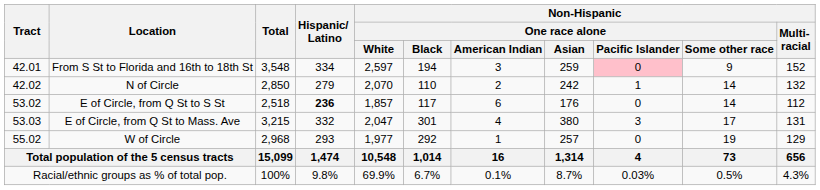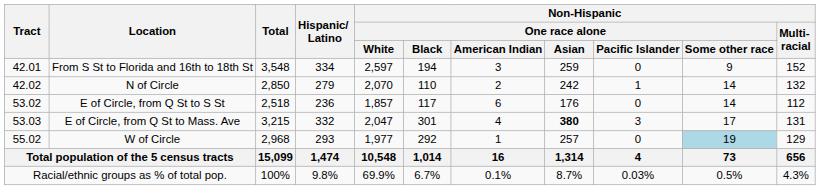 <table class="wikitable" style="text-align: center;">
 <tr>
 <th scope="rowgroup" rowspan="3">  Tract  </th>
 <th scope="rowgroup" rowspan="3">Location</th>
 <th scope="rowgroup" rowspan="3">Total</th>
 <th scope="rowgroup" rowspan="3">Hispanic/ <br>Latino</th>
 <th scope="colgroup" colspan="7">Non-Hispanic</th>
 </tr>
 <tr>
 <th scope="rowgroup" colspan="6">One race alone</th>
 <th scope="rowgroup" rowspan="2">Multi- <br>racial</th>
 </tr>
 <tr>
 <th>  White  </th>
 <th>  Black  </th>
 <th>American Indian</th>
 <th>  Asian  </th>
 <th>Pacific Islander</th>
 <th>Some other race</th>
 </tr>
 <tr>
 <td>42.01</td>
 <td>From S St to Florida and 16th to 18th St</td>
 <td>3,548</td>
 <td>334</td>
 <td>2,597</td>
 <td>194</td>
 <td>3</td>
 <td>259</td>
-<td style="background: pink;">0</td>
+<td>0</td>
 <td>9</td>
 <td>152</td>
 </tr>
 <tr>
 <td>42.02</td>
 <td>N of Circle</td>
 <td>2,850</td>
 <td>279</td>
 <td>2,070</td>
 <td>110</td>
 <td>2</td>
 <td>242</td>
 <td>1</td>
 <td>14</td>
 <td>132</td>
 </tr>
 <tr>
 <td>53.02</td>
 <td>E of Circle, from Q St to S St</td>
 <td>2,518</td>
-<td><strong>236</strong></td>
+<td>236</td>
 <td>1,857</td>
 <td>117</td>
 <td>6</td>
 <td>176</td>
 <td>0</td>
 <td>14</td>
 <td>112</td>
 </tr>
 <tr>
 <td>53.03</td>
 <td>E of Circle, from Q St to Mass. Ave</td>
 <td>3,215</td>
 <td>332</td>
 <td>2,047</td>
 <td>301</td>
 <td>4</td>
-<td>380</td>
+<td><strong>380</strong></td>
 <td>3</td>
 <td>17</td>
 <td>131</td>
 </tr>
 <tr>
 <td>55.02</td>
 <td>W of Circle</td>
 <td>2,968</td>
 <td>293</td>
 <td>1,977</td>
 <td>292</td>
 <td>1</td>
 <td>257</td>
 <td>0</td>
-<td>19</td>
+<td style="background: lightblue;">19</td>
 <td>129</td>
 </tr>
 <tr>
 <th scope="colgroup" colspan="2">Total population of the 5 census tracts</th>
 <th>15,099</th>
 <th>1,474</th>
 <th>10,548</th>
 <th>1,014</th>
 <th>16</th>
 <th>1,314</th>
 <th>4</th>
 <th>73</th>
 <th>656</th>
 </tr>
 <tr>
 <td scope="colgroup" colspan="2">Racial/ethnic groups as % of total pop.</td>
 <td>100%</td>
 <td>9.8%</td>
 <td>69.9%</td>
 <td>6.7%</td>
 <td>0.1%</td>
 <td>8.7%</td>
 <td>0.03%</td>
 <td>0.5%</td>
 <td>4.3%</td>
 </tr>
 </table>
